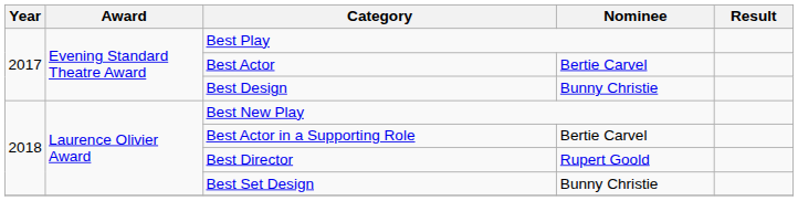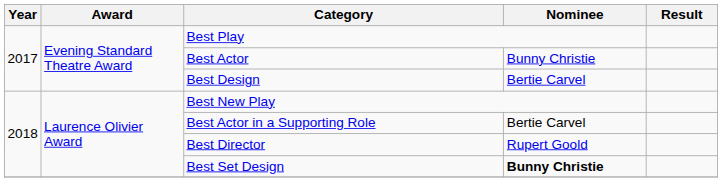 <table class="wikitable" width="95%">
 <tr>
 <th width="5%">Year</th>
 <th width="20%">Award</th>
 <th width="45%">Category</th>
 <th width="20%">Nominee</th>
 <th width="10%">Result</th>
 </tr>
 <tr>
 <td rowspan="3" style="text-align: center;">2017</td>
 <td rowspan="3"><a href='#'>Evening Standard Theatre Award</a></td>
 <td colspan="2"><a href='#'>Best Play</a></td>
 <td></td>
 </tr>
 <tr>
 <td><a href='#'>Best Actor</a></td>
-<td><a href='#'>Bertie Carvel</a></td>
+<td><a href='#'>Bunny Christie</a></td>
 <td></td>
 </tr>
 <tr>
 <td><a href='#'>Best Design</a></td>
-<td><a href='#'>Bunny Christie</a></td>
+<td><a href='#'>Bertie Carvel</a></td>
 <td></td>
 </tr>
 <tr>
 <td rowspan="4" style="text-align: center;">2018</td>
 <td rowspan="4"><a href='#'>Laurence Olivier Award</a></td>
 <td colspan="2"><a href='#'>Best New Play</a></td>
 <td></td>
 </tr>
 <tr>
 <td><a href='#'>Best Actor in a Supporting Role</a></td>
 <td>Bertie Carvel</td>
 <td></td>
 </tr>
 <tr>
 <td><a href='#'>Best Director</a></td>
 <td><a href='#'>Rupert Goold</a></td>
 <td></td>
 </tr>
 <tr>
 <td><a href='#'>Best Set Design</a></td>
-<td>Bunny Christie</td>
+<td><strong>Bunny Christie</strong></td>
 <td></td>
 </tr>
 <tr>
 </tr>
 </table>
